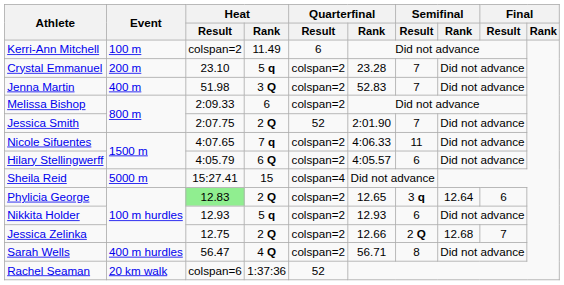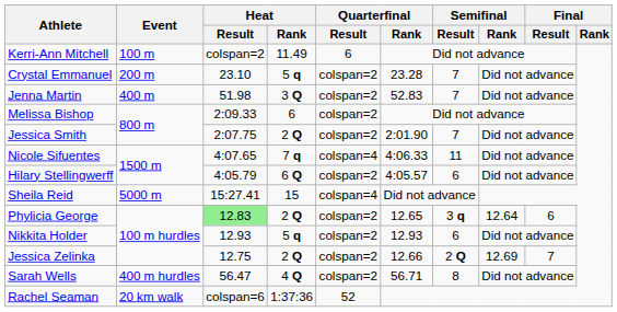 <table class="wikitable" style="font-size:90%">
 <tr>
 <th rowspan="2">Athlete</th>
 <th rowspan="2">Event</th>
 <th colspan="2">Heat</th>
 <th colspan="2">Quarterfinal</th>
 <th colspan="2">Semifinal</th>
 <th colspan="2">Final</th>
 </tr>
 <tr style="font-size:95%">
 <th>Result</th>
 <th>Rank</th>
 <th>Result</th>
 <th>Rank</th>
 <th>Result</th>
 <th>Rank</th>
 <th>Result</th>
 <th>Rank</th>
 </tr>
 <tr align=center>
 <td align=left><a href='#'>Kerri-Ann Mitchell</a></td>
 <td align=left><a href='#'>100 m</a></td>
 <td>colspan=2 </td>
 <td>11.49</td>
 <td>6</td>
 <td colspan=4>Did not advance</td>
 </tr>
 <tr align=center>
 <td align=left><a href='#'>Crystal Emmanuel</a></td>
 <td align=left><a href='#'>200 m</a></td>
 <td>23.10</td>
 <td>5 <strong>q</strong></td>
 <td>colspan=2 </td>
 <td>23.28</td>
 <td>7</td>
 <td colspan=2>Did not advance</td>
 </tr>
 <tr align=center>
 <td align=left><a href='#'>Jenna Martin</a></td>
 <td align=left><a href='#'>400 m</a></td>
 <td>51.98</td>
 <td>3 <strong>Q</strong></td>
 <td>colspan=2 </td>
 <td>52.83</td>
 <td>7</td>
 <td colspan=2>Did not advance</td>
 </tr>
 <tr align=center>
 <td align=left><a href='#'>Melissa Bishop</a></td>
 <td align=left rowspan=2><a href='#'>800 m</a></td>
 <td>2:09.33</td>
 <td>6</td>
 <td>colspan=2 </td>
 <td colspan=4>Did not advance</td>
 </tr>
 <tr align=center>
 <td align=left><a href='#'>Jessica Smith</a></td>
 <td>2:07.75</td>
 <td>2 <strong>Q</strong></td>
-<td>52</td>
+<td>colspan=2 </td>
 <td>2:01.90</td>
 <td>7</td>
 <td colspan=2>Did not advance</td>
 </tr>
 <tr align=center>
 <td align=left><a href='#'>Nicole Sifuentes</a></td>
 <td align=left rowspan=2><a href='#'>1500 m</a></td>
 <td>4:07.65</td>
 <td>7 <strong>q</strong></td>
-<td>colspan=2 </td>
+<td>colspan=4 </td>
 <td>4:06.33</td>
 <td>11</td>
 <td colspan=2>Did not advance</td>
 </tr>
 <tr align=center>
 <td align=left><a href='#'>Hilary Stellingwerff</a></td>
 <td>4:05.79</td>
 <td>6 <strong>Q</strong></td>
 <td>colspan=2 </td>
 <td>4:05.57</td>
 <td>6</td>
 <td colspan=2>Did not advance</td>
 </tr>
 <tr align=center>
 <td align=left><a href='#'>Sheila Reid</a></td>
 <td align=left><a href='#'>5000 m</a></td>
 <td>15:27.41</td>
 <td>15</td>
 <td>colspan=4 </td>
 <td colspan=2>Did not advance</td>
 </tr>
 <tr align=center>
 <td align=left><a href='#'>Phylicia George</a></td>
 <td align=left rowspan=3><a href='#'>100 m hurdles</a></td>
 <td style="background: lightgreen;">12.83</td>
 <td>2 <strong>Q</strong></td>
 <td>colspan=2 </td>
 <td>12.65</td>
 <td>3 <strong>q</strong></td>
 <td>12.64</td>
 <td>6</td>
 </tr>
 <tr align=center>
 <td align=left><a href='#'>Nikkita Holder</a></td>
 <td>12.93</td>
 <td>5 <strong>q</strong></td>
 <td>colspan=2 </td>
 <td>12.93</td>
 <td>6</td>
 <td colspan=2>Did not advance</td>
 </tr>
 <tr align=center>
 <td align=left><a href='#'>Jessica Zelinka</a></td>
 <td>12.75</td>
 <td>2 <strong>Q</strong></td>
 <td>colspan=2 </td>
 <td>12.66</td>
 <td>2 <strong>Q</strong></td>
-<td>12.68</td>
+<td>12.69</td>
 <td>7</td>
 </tr>
 <tr align=center>
 <td align=left><a href='#'>Sarah Wells</a></td>
 <td align=left><a href='#'>400 m hurdles</a></td>
 <td>56.47</td>
 <td>4 <strong>Q</strong></td>
 <td>colspan=2 </td>
 <td>56.71</td>
 <td>8</td>
 <td colspan=2>Did not advance</td>
 </tr>
 <tr align=center>
 <td align=left><a href='#'>Rachel Seaman</a></td>
 <td align=left><a href='#'>20 km walk</a></td>
 <td>colspan=6 </td>
 <td>1:37:36</td>
 <td>52</td>
 </tr>
 </table>
